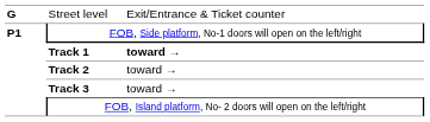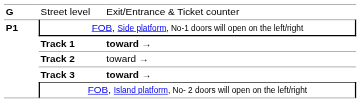 <table table border=0 cellspacing=0 cellpadding=3>
 <tr>
 <td style="border-top:solid 1px gray;" width=50 valign=top><strong>G</strong></td>
 <td style="border-top:solid 1px gray;" width=100 valign=top>Street level</td>
 <td style="border-top:solid 1px gray;" width=400 valign=top>Exit/Entrance & Ticket counter</td>
 </tr>
 <tr>
 <td style="border-top:solid 1px gray;border-bottom:solid 1px gray;" width=50 rowspan=6 valign=top><strong>P1</strong></td>
 <td style="border-top:solid 1px gray;border-right:solid 2px black;border-left:solid 2px black;border-bottom:solid 2px black;text-align:center;" colspan=2><a href='#'>FOB</a>, <small><a href='#'>Side platform</a>, No-1 doors will open on the left/right</small></td>
 </tr>
 <tr>
 <td style="border-bottom:solid 1px gray;" width=100><strong>Track 1</strong></td>
 <td style="border-bottom:solid 1px gray;" width=400><strong>toward →</strong></td>
 </tr>
 <tr>
 <td style="border-bottom:solid 1px gray;" width=100><strong>Track 2</strong></td>
 <td style="border-bottom:solid 1px gray;" width=400>toward →</td>
 </tr>
 <tr>
 <td><strong>Track 3</strong></td>
-<td>  toward →</td>
+<td><strong>  toward →</strong></td>
 </tr>
 <tr>
 <td style="border-top:solid 1px black;border-right:solid 2px black;border-left:solid 2px black;border-bottom:solid 1px gray;text-align:center;" colspan=2><a href='#'>FOB</a>, <small><a href='#'>Island platform</a>, No- 2 doors will open on the left/right </small></td>
 </tr>
 <tr>
 </tr>
 </table>
